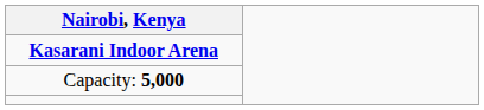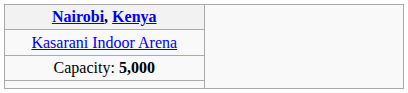 <table class=wikitable style=text-align:center width=400>
 <tr>
 <th colspan="1"><a href='#'>Nairobi</a>, <a href='#'>Kenya</a></th>
 <td rowspan=4></td>
 </tr>
 <tr>
-<td width=50%><strong><a href='#'>Kasarani Indoor Arena</a></strong></td>
+<td width=50%><a href='#'>Kasarani Indoor Arena</a></td>
 </tr>
 <tr>
 <td>Capacity: <strong>5,000</strong></td>
 </tr>
 <tr>
 <td></td>
 </tr>
 <tr>
 </tr>
 </table>
